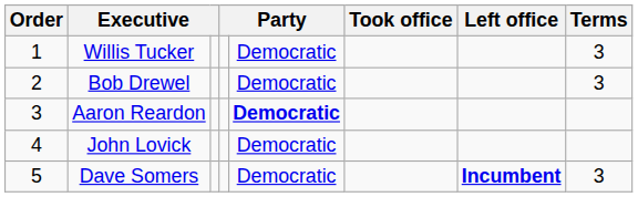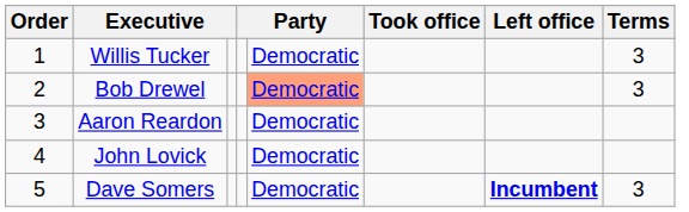 <table class="wikitable sortable" style="text-align:center">
 <tr style="background:#cccccc">
 <th>Order</th>
 <th colspan="2">Executive</th>
 <th colspan="2">Party</th>
 <th>Took office</th>
 <th>Left office</th>
 <th>Terms</th>
 </tr>
 <tr>
 <td>1</td>
 <td><a href='#'>Willis Tucker</a></td>
 <td></td>
 <td style="background: "></td>
 <td><a href='#'>Democratic</a></td>
 <td></td>
 <td></td>
 <td>3</td>
 </tr>
 <tr>
 <td>2</td>
 <td><a href='#'>Bob Drewel</a></td>
 <td></td>
 <td style="background: "></td>
-<td><a href='#'>Democratic</a></td>
+<td style="background: lightsalmon;"><a href='#'>Democratic</a></td>
 <td></td>
 <td></td>
 <td>3</td>
 </tr>
 <tr>
 <td>3</td>
 <td><a href='#'>Aaron Reardon</a></td>
 <td></td>
 <td style="background: "></td>
-<td><strong><a href='#'>Democratic</a></strong></td>
+<td><a href='#'>Democratic</a></td>
 <td></td>
 <td></td>
 <td></td>
 </tr>
 <tr>
 <td>4</td>
 <td><a href='#'>John Lovick</a></td>
 <td></td>
 <td style="background: "></td>
 <td><a href='#'>Democratic</a></td>
 <td></td>
 <td></td>
 <td></td>
 </tr>
 <tr>
 <td>5</td>
 <td><a href='#'>Dave Somers</a></td>
 <td></td>
 <td style="background: "></td>
 <td><a href='#'>Democratic</a></td>
 <td></td>
 <td><strong><a href='#'>Incumbent</a></strong></td>
 <td>3</td>
 </tr>
 </table>
